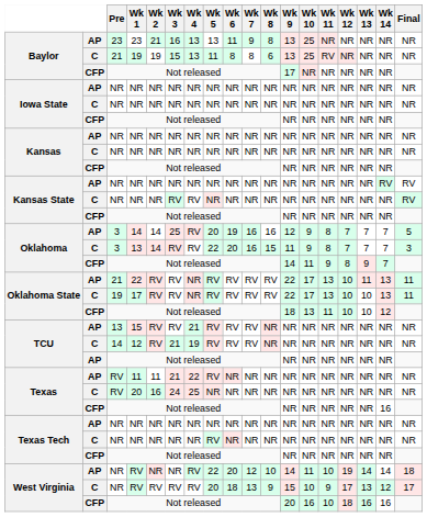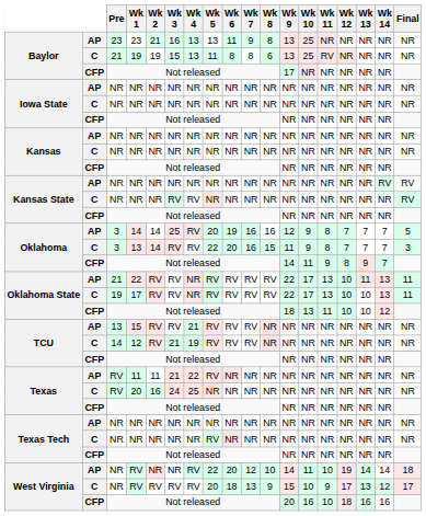 <table class="wikitable" style="white-space:nowrap;font-size:80%;">
 <tr>
 <th colspan=2 style="background:white; border-top-style:hidden; border-left-style:hidden;"> </th>
 <th>Pre</th>
 <th>Wk<br>1</th>
 <th>Wk<br>2</th>
 <th>Wk<br>3</th>
 <th>Wk<br>4</th>
 <th>Wk<br>5</th>
 <th>Wk<br>6</th>
 <th>Wk<br>7</th>
 <th>Wk<br>8</th>
 <th>Wk<br>9</th>
 <th>Wk<br>10</th>
 <th>Wk<br>11</th>
 <th>Wk<br>12</th>
 <th>Wk<br>13</th>
 <th>Wk<br>14</th>
 <th>Final</th>
 </tr>
 <tr style="text-align:center;">
 <th rowspan=3><strong>Baylor</strong></th>
 <th>AP</th>
 <td style="background:#D8FFEB;">23</td>
 <td style="background:#fff;">23</td>
 <td style="background:#D8FFEB;">21</td>
 <td style="background:#D8FFEB;">16</td>
 <td style="background:#D8FFEB;">13</td>
 <td style="background:#fff;">13</td>
 <td style="background:#D8FFEB;">11</td>
 <td style="background:#D8FFEB;">9</td>
 <td style="background:#D8FFEB;">8</td>
 <td style="background:#FFE6E6;">13</td>
 <td style="background:#FFE6E6;">25</td>
 <td style="background:#FFE6E6;">NR</td>
 <td style="background:#fff;">NR</td>
 <td style="background:#fff;">NR</td>
 <td style="background:#fff;">NR</td>
 <td style="background:#fff;">NR</td>
 </tr>
 <tr style="text-align:center;">
 <th>C</th>
 <td style="background:#D8FFEB;">21</td>
 <td style="background:#D8FFEB;">19</td>
 <td style="background:#fff;">19</td>
 <td style="background:#D8FFEB;">15</td>
 <td style="background:#D8FFEB;">13</td>
 <td style="background:#D8FFEB;">11</td>
 <td style="background:#D8FFEB;">8</td>
 <td style="background:#fff;">8</td>
 <td style="background:#D8FFEB;">6</td>
 <td style="background:#FFE6E6;">13</td>
 <td style="background:#FFE6E6;">25</td>
 <td style="background:#FFE6E6;">RV</td>
 <td style="background:#FFE6E6;">NR</td>
 <td style="background:#fff;">NR</td>
 <td style="background:#fff;">NR</td>
 <td style="background:#fff;">NR</td>
 </tr>
 <tr style="text-align:center;">
 <th>CFP</th>
 <td colspan=9 style="background:#white;">Not released</td>
 <td style="background:#D8FFEB;">17</td>
 <td style="background:#FFE6E6;">NR</td>
 <td style="background:#fff;">NR</td>
 <td style="background:#fff;">NR</td>
 <td style="background:#fff;">NR</td>
 <td style="background:#fff;">NR</td>
 <td style="background:#white;"></td>
 </tr>
 <tr style="text-align:center;">
 <th rowspan=3><strong>Iowa State</strong></th>
 <th>AP</th>
 <td style="background:#fff;">NR</td>
 <td style="background:#fff;">NR</td>
 <td style="background:#fff;">NR</td>
 <td style="background:#fff;">NR</td>
 <td style="background:#fff;">NR</td>
 <td style="background:#fff;">NR</td>
 <td style="background:#fff;">NR</td>
 <td style="background:#fff;">NR</td>
 <td style="background:#fff;">NR</td>
 <td style="background:#fff;">NR</td>
 <td style="background:#fff;">NR</td>
 <td style="background:#fff;">NR</td>
 <td style="background:#fff;">NR</td>
 <td style="background:#fff;">NR</td>
 <td style="background:#fff;">NR</td>
 <td style="background:#fff;">NR</td>
 </tr>
 <tr style="text-align:center;">
 <th>C</th>
 <td style="background:#fff;">NR</td>
 <td style="background:#fff;">NR</td>
 <td style="background:#fff;">NR</td>
 <td style="background:#fff;">NR</td>
 <td style="background:#fff;">NR</td>
 <td style="background:#fff;">NR</td>
 <td style="background:#fff;">NR</td>
 <td style="background:#fff;">NR</td>
 <td style="background:#fff;">NR</td>
 <td style="background:#fff;">NR</td>
 <td style="background:#fff;">NR</td>
 <td style="background:#fff;">NR</td>
 <td style="background:#fff;">NR</td>
 <td style="background:#fff;">NR</td>
 <td style="background:#fff;">NR</td>
 <td style="background:#fff;">NR</td>
 </tr>
 <tr style="text-align:center;">
 <th>CFP</th>
 <td colspan=9 style="background:#white;">Not released</td>
 <td style="background:#fff;">NR</td>
 <td style="background:#fff;">NR</td>
 <td style="background:#fff;">NR</td>
 <td style="background:#fff;">NR</td>
 <td style="background:#fff;">NR</td>
 <td style="background:#fff;">NR</td>
 <td style="background:#white;"></td>
 </tr>
 <tr style="text-align:center;">
 <th rowspan=3><strong>Kansas</strong></th>
 <th>AP</th>
 <td style="background:#fff;">NR</td>
 <td style="background:#fff;">NR</td>
 <td style="background:#fff;">NR</td>
 <td style="background:#fff;">NR</td>
 <td style="background:#fff;">NR</td>
 <td style="background:#fff;">NR</td>
 <td style="background:#fff;">NR</td>
 <td style="background:#fff;">NR</td>
 <td style="background:#fff;">NR</td>
 <td style="background:#fff;">NR</td>
 <td style="background:#fff;">NR</td>
 <td style="background:#fff;">NR</td>
 <td style="background:#fff;">NR</td>
 <td style="background:#fff;">NR</td>
 <td style="background:#fff;">NR</td>
 <td style="background:#fff;">NR</td>
 </tr>
 <tr style="text-align:center;">
 <th>C</th>
 <td style="background:#fff;">NR</td>
 <td style="background:#fff;">NR</td>
 <td style="background:#fff;">NR</td>
 <td style="background:#fff;">NR</td>
 <td style="background:#fff;">NR</td>
 <td style="background:#fff;">NR</td>
 <td style="background:#fff;">NR</td>
 <td style="background:#fff;">NR</td>
 <td style="background:#fff;">NR</td>
 <td style="background:#fff;">NR</td>
 <td style="background:#fff;">NR</td>
 <td style="background:#fff;">NR</td>
 <td style="background:#fff;">NR</td>
 <td style="background:#fff;">NR</td>
 <td style="background:#fff;">NR</td>
 <td style="background:#fff;">NR</td>
 </tr>
 <tr style="text-align:center;">
 <th>CFP</th>
 <td colspan=9 style="background:#white;">Not released</td>
 <td style="background:#fff;">NR</td>
 <td style="background:#fff;">NR</td>
 <td style="background:#fff;">NR</td>
 <td style="background:#fff;">NR</td>
 <td style="background:#fff;">NR</td>
 <td style="background:#fff;">NR</td>
 <td style="background:#white;"></td>
 </tr>
 <tr style="text-align:center;">
 <th rowspan=3><strong>Kansas State</strong></th>
 <th>AP</th>
 <td style="background:#fff;">NR</td>
 <td style="background:#fff;">NR</td>
 <td style="background:#fff;">NR</td>
 <td style="background:#fff;">NR</td>
 <td style="background:#fff;">NR</td>
 <td style="background:#fff;">NR</td>
 <td style="background:#fff;">NR</td>
 <td style="background:#fff;">NR</td>
 <td style="background:#fff;">NR</td>
 <td style="background:#fff;">NR</td>
 <td style="background:#fff;">NR</td>
 <td style="background:#fff;">NR</td>
 <td style="background:#fff;">NR</td>
 <td style="background:#fff;">NR</td>
 <td style="background:#D8FFEB;">RV</td>
 <td style="background:#fff;">RV</td>
 </tr>
 <tr style="text-align:center;">
 <th>C</th>
 <td style="background:#fff;">NR</td>
 <td style="background:#fff;">NR</td>
 <td style="background:#fff;">NR</td>
 <td style="background:#D8FFEB;">RV</td>
 <td style="background:#fff;">RV</td>
 <td style="background:#FFE6E6;">NR</td>
 <td style="background:#fff;">NR</td>
 <td style="background:#fff;">NR</td>
 <td style="background:#fff;">NR</td>
 <td style="background:#fff;">NR</td>
 <td style="background:#fff;">NR</td>
 <td style="background:#fff;">NR</td>
 <td style="background:#fff;">NR</td>
 <td style="background:#fff;">NR</td>
 <td style="background:#fff;">NR</td>
 <td style="background:#D8FFEB;">RV</td>
 </tr>
 <tr style="text-align:center;">
 <th>CFP</th>
 <td colspan=9 style="background:#white;">Not released</td>
 <td style="background:#fff;">NR</td>
 <td style="background:#fff;">NR</td>
 <td style="background:#fff;">NR</td>
 <td style="background:#fff;">NR</td>
 <td style="background:#fff;">NR</td>
 <td style="background:#fff;">NR</td>
 <td style="background:#white;"></td>
 </tr>
 <tr style="text-align:center;">
 <th rowspan=3><strong>Oklahoma</strong></th>
 <th>AP</th>
 <td style="background:#D8FFEB;">3</td>
 <td style="background:#FFE6E6;">14</td>
 <td style="background:#fff;">14</td>
 <td style="background:#FFE6E6;">25</td>
 <td style="background:#FFE6E6;">RV</td>
 <td style="background:#D8FFEB;">20</td>
 <td style="background:#D8FFEB;">19</td>
 <td style="background:#D8FFEB;">16</td>
 <td style="background:#fff;">16</td>
 <td style="background:#D8FFEB;">12</td>
 <td style="background:#D8FFEB;">9</td>
 <td style="background:#D8FFEB;">8</td>
 <td style="background:#D8FFEB;">7</td>
 <td style="background:#fff;">7</td>
 <td style="background:#fff;">7</td>
 <td style="background:#D8FFEB;">5</td>
 </tr>
 <tr style="text-align:center;">
 <th>C</th>
 <td style="background:#D8FFEB;">3</td>
 <td style="background:#FFE6E6;">13</td>
 <td style="background:#FFE6E6;">14</td>
 <td style="background:#FFE6E6;">RV</td>
 <td style="background:#fff;">RV</td>
 <td style="background:#D8FFEB;">22</td>
 <td style="background:#D8FFEB;">20</td>
 <td style="background:#D8FFEB;">16</td>
 <td style="background:#D8FFEB;">15</td>
 <td style="background:#D8FFEB;">11</td>
 <td style="background:#D8FFEB;">9</td>
 <td style="background:#D8FFEB;">8</td>
 <td style="background:#D8FFEB;">7</td>
 <td style="background:#fff;">7</td>
 <td style="background:#fff;">7</td>
 <td style="background:#D8FFEB;">3</td>
 </tr>
 <tr style="text-align:center;">
 <th>CFP</th>
 <td colspan=9 style="background:#white;">Not released</td>
 <td style="background:#D8FFEB;">14</td>
 <td style="background:#D8FFEB;">11</td>
 <td style="background:#D8FFEB;">9</td>
 <td style="background:#D8FFEB;">8</td>
 <td style="background:#FFE6E6;">9</td>
 <td style="background:#D8FFEB;">7</td>
 <td style="background:#white;"></td>
 </tr>
 <tr style="text-align:center;">
 <th rowspan=3><strong>Oklahoma State</strong></th>
 <th>AP</th>
 <td style="background:#D8FFEB;">21</td>
 <td style="background:#FFE6E6;">22</td>
 <td style="background:#FFE6E6;">RV</td>
 <td style="background:#fff;">RV</td>
 <td style="background:#FFE6E6;">NR</td>
 <td style="background:#D8FFEB;">RV</td>
 <td style="background:#fff;">RV</td>
 <td style="background:#fff;">RV</td>
 <td style="background:#fff;">RV</td>
 <td style="background:#D8FFEB;">22</td>
 <td style="background:#D8FFEB;">17</td>
 <td style="background:#D8FFEB;">13</td>
 <td style="background:#D8FFEB;">10</td>
 <td style="background:#FFE6E6;">11</td>
 <td style="background:#FFE6E6;">13</td>
 <td style="background:#D8FFEB;">11</td>
 </tr>
 <tr style="text-align:center;">
 <th>C</th>
 <td style="background:#D8FFEB;">19</td>
 <td style="background:#D8FFEB;">17</td>
 <td style="background:#FFE6E6;">RV</td>
 <td style="background:#fff;">RV</td>
 <td style="background:#FFE6E6;">NR</td>
 <td style="background:#D8FFEB;">RV</td>
 <td style="background:#fff;">RV</td>
 <td style="background:#fff;">RV</td>
 <td style="background:#fff;">RV</td>
 <td style="background:#D8FFEB;">22</td>
 <td style="background:#D8FFEB;">17</td>
 <td style="background:#D8FFEB;">13</td>
 <td style="background:#D8FFEB;">10</td>
 <td style="background:#fff;">10</td>
 <td style="background:#FFE6E6;">13</td>
 <td style="background:#D8FFEB;">11</td>
 </tr>
 <tr style="text-align:center;">
 <th>CFP</th>
 <td colspan=9 style="background:#white;">Not released</td>
 <td style="background:#D8FFEB;">18</td>
 <td style="background:#D8FFEB;">13</td>
 <td style="background:#D8FFEB;">11</td>
 <td style="background:#D8FFEB;">10</td>
 <td style="background:#fff;">10</td>
 <td style="background:#FFE6E6;">12</td>
 <td style="background:#white;"></td>
 </tr>
 <tr style="text-align:center;">
 <th rowspan=3><strong>TCU</strong></th>
 <th>AP</th>
 <td style="background:#D8FFEB;">13</td>
 <td style="background:#FFE6E6;">15</td>
 <td style="background:#FFE6E6;">RV</td>
 <td style="background:#fff;">RV</td>
 <td style="background:#D8FFEB;">21</td>
 <td style="background:#FFE6E6;">RV</td>
 <td style="background:#fff;">RV</td>
 <td style="background:#fff;">RV</td>
 <td style="background:#FFE6E6;">NR</td>
 <td style="background:#fff;">NR</td>
 <td style="background:#fff;">NR</td>
 <td style="background:#fff;">NR</td>
 <td style="background:#fff;">NR</td>
 <td style="background:#fff;">NR</td>
 <td style="background:#fff;">NR</td>
 <td style="background:#fff;">NR</td>
 </tr>
 <tr style="text-align:center;">
 <th>C</th>
 <td style="background:#D8FFEB;">14</td>
 <td style="background:#D8FFEB;">12</td>
 <td style="background:#FFE6E6;">RV</td>
 <td style="background:#D8FFEB;">21</td>
 <td style="background:#D8FFEB;">19</td>
 <td style="background:#FFE6E6;">RV</td>
 <td style="background:#fff;">RV</td>
 <td style="background:#fff;">RV</td>
 <td style="background:#FFE6E6;">NR</td>
 <td style="background:#fff;">NR</td>
 <td style="background:#fff;">NR</td>
 <td style="background:#fff;">NR</td>
 <td style="background:#fff;">NR</td>
 <td style="background:#fff;">NR</td>
 <td style="background:#fff;">NR</td>
 <td style="background:#fff;">NR</td>
 </tr>
 <tr style="text-align:center;">
-<th>AP</th>
+<th>CFP</th>
 <td colspan=9 style="background:#white;">Not released</td>
 <td style="background:#fff;">NR</td>
 <td style="background:#fff;">NR</td>
 <td style="background:#fff;">NR</td>
 <td style="background:#fff;">NR</td>
 <td style="background:#fff;">NR</td>
 <td style="background:#fff;">NR</td>
 <td style="background:#white;"></td>
 </tr>
 <tr style="text-align:center;">
 <th rowspan=3><strong>Texas</strong></th>
 <th>AP</th>
 <td style="background:#D8FFEB;">RV</td>
 <td style="background:#D8FFEB;">11</td>
 <td style="background:#fff;">11</td>
 <td style="background:#FFE6E6;">21</td>
 <td style="background:#FFE6E6;">22</td>
 <td style="background:#FFE6E6;">RV</td>
 <td style="background:#FFE6E6;">NR</td>
 <td style="background:#fff;">NR</td>
 <td style="background:#fff;">NR</td>
 <td style="background:#fff;">NR</td>
 <td style="background:#fff;">NR</td>
 <td style="background:#fff;">NR</td>
 <td style="background:#fff;">NR</td>
 <td style="background:#fff;">NR</td>
 <td style="background:#fff;">NR</td>
 <td style="background:#fff;">NR</td>
 </tr>
 <tr style="text-align:center;">
 <th>C</th>
 <td style="background:#D8FFEB;">RV</td>
 <td style="background:#D8FFEB;">20</td>
 <td style="background:#D8FFEB;">16</td>
 <td style="background:#FFE6E6;">24</td>
 <td style="background:#FFE6E6;">25</td>
 <td style="background:#FFE6E6;">NR</td>
 <td style="background:#fff;">NR</td>
 <td style="background:#fff;">NR</td>
 <td style="background:#fff;">NR</td>
 <td style="background:#fff;">NR</td>
 <td style="background:#fff;">NR</td>
 <td style="background:#fff;">NR</td>
 <td style="background:#fff;">NR</td>
 <td style="background:#fff;">NR</td>
 <td style="background:#fff;">NR</td>
 <td style="background:#fff;">NR</td>
 </tr>
 <tr style="text-align:center;">
 <th>CFP</th>
 <td colspan=9 style="background:#white;">Not released</td>
 <td style="background:#fff;">NR</td>
 <td style="background:#fff;">NR</td>
 <td style="background:#fff;">NR</td>
 <td style="background:#fff;">NR</td>
 <td style="background:#fff;">NR</td>
-<td style="background:#fff;">16</td>
+<td style="background:#fff;">NR</td>
 <td style="background:#white;"></td>
 </tr>
 <tr style="text-align:center;">
 <th rowspan=3><strong>Texas Tech</strong></th>
 <th>AP</th>
 <td style="background:#fff;">NR</td>
 <td style="background:#fff;">NR</td>
 <td style="background:#fff;">NR</td>
 <td style="background:#fff;">NR</td>
 <td style="background:#fff;">NR</td>
 <td style="background:#fff;">NR</td>
 <td style="background:#fff;">NR</td>
 <td style="background:#fff;">NR</td>
 <td style="background:#fff;">NR</td>
 <td style="background:#fff;">NR</td>
 <td style="background:#fff;">NR</td>
 <td style="background:#fff;">NR</td>
 <td style="background:#fff;">NR</td>
 <td style="background:#fff;">NR</td>
 <td style="background:#fff;">NR</td>
 <td style="background:#fff;">NR</td>
 </tr>
 <tr style="text-align:center;">
 <th>C</th>
 <td style="background:#fff;">NR</td>
 <td style="background:#fff;">NR</td>
 <td style="background:#fff;">NR</td>
 <td style="background:#fff;">NR</td>
 <td style="background:#fff;">NR</td>
 <td style="background:#D8FFEB;">RV</td>
 <td style="background:#FFE6E6;">NR</td>
 <td style="background:#fff;">NR</td>
 <td style="background:#fff;">NR</td>
 <td style="background:#fff;">NR</td>
 <td style="background:#fff;">NR</td>
 <td style="background:#fff;">NR</td>
 <td style="background:#fff;">NR</td>
 <td style="background:#fff;">NR</td>
 <td style="background:#fff;">NR</td>
 <td style="background:#fff;">NR</td>
 </tr>
 <tr style="text-align:center;">
 <th>CFP</th>
 <td colspan=9 style="background:#white;">Not released</td>
 <td style="background:#fff;">NR</td>
 <td style="background:#fff;">NR</td>
 <td style="background:#fff;">NR</td>
 <td style="background:#fff;">NR</td>
 <td style="background:#fff;">NR</td>
 <td style="background:#fff;">NR</td>
 <td style="background:#white;"></td>
 </tr>
 <tr style="text-align:center;">
 <th rowspan=3><strong>West Virginia</strong></th>
 <th>AP</th>
 <td style="background:#fff;">NR</td>
 <td style="background:#D8FFEB;">RV</td>
 <td style="background:#FFE6E6;">NR</td>
 <td style="background:#fff;">NR</td>
 <td style="background:#D8FFEB;">RV</td>
 <td style="background:#D8FFEB;">22</td>
 <td style="background:#D8FFEB;">20</td>
 <td style="background:#D8FFEB;">12</td>
 <td style="background:#D8FFEB;">10</td>
 <td style="background:#FFE6E6;">14</td>
 <td style="background:#D8FFEB;">11</td>
 <td style="background:#D8FFEB;">10</td>
 <td style="background:#FFE6E6;">19</td>
 <td style="background:#D8FFEB;">14</td>
 <td style="background:#fff;">14</td>
 <td style="background:#FFE6E6;">18</td>
 </tr>
 <tr style="text-align:center;">
 <th>C</th>
 <td style="background:#fff;">NR</td>
 <td style="background:#D8FFEB;">RV</td>
 <td style="background:#fff;">RV</td>
 <td style="background:#fff;">RV</td>
 <td style="background:#fff;">RV</td>
 <td style="background:#D8FFEB;">20</td>
 <td style="background:#D8FFEB;">18</td>
 <td style="background:#D8FFEB;">13</td>
 <td style="background:#D8FFEB;">9</td>
 <td style="background:#FFE6E6;">15</td>
 <td style="background:#D8FFEB;">10</td>
 <td style="background:#D8FFEB;">9</td>
 <td style="background:#FFE6E6;">17</td>
 <td style="background:#D8FFEB;">13</td>
 <td style="background:#D8FFEB;">12</td>
 <td style="background:#FFE6E6;">17</td>
 </tr>
 <tr style="text-align:center;">
 <th>CFP</th>
 <td colspan=9 style="background:#white;">Not released</td>
 <td style="background:#D8FFEB;">20</td>
 <td style="background:#D8FFEB;">16</td>
 <td style="background:#D8FFEB;">10</td>
 <td style="background:#FFE6E6;">18</td>
 <td style="background:#D8FFEB;">16</td>
 <td style="background:#fff;">16</td>
 <td style="background:#white;"></td>
 </tr>
 </table>
